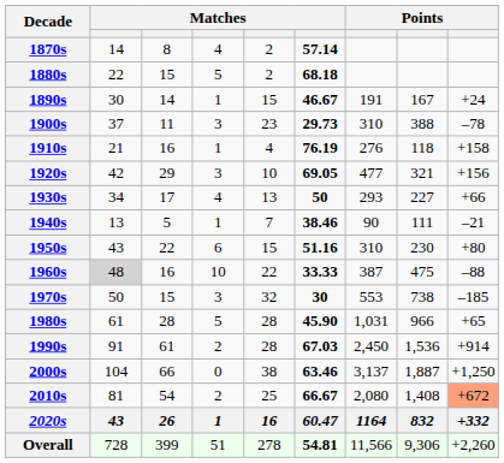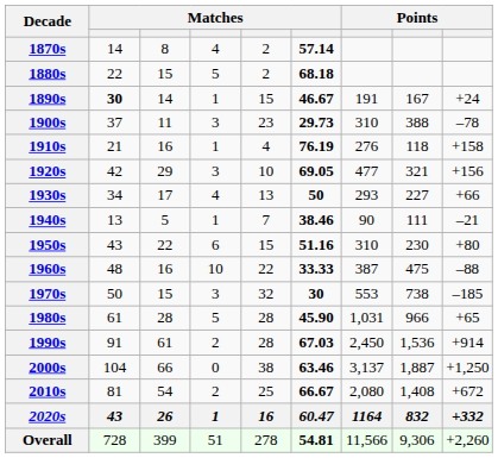 <table class="wikitable">
 <tr>
 <th rowspan=2 width="80">Decade</th>
 <th colspan=5>Matches</th>
 <th colspan=3>Points</th>
 </tr>
 <tr>
 <th width="45"></th>
 <th width="45"></th>
 <th width="45"></th>
 <th width="45"></th>
 <th width="45"></th>
 <th width="45"></th>
 <th width="45"></th>
 <th width="45"></th>
 </tr>
 <tr>
 <th><a href='#'>1870s</a></th>
 <td align=center>14</td>
 <td align=center>8</td>
 <td align=center>4</td>
 <td align=center>2</td>
 <td align=center><strong>57.14</strong></td>
 <td></td>
 <td></td>
 <td></td>
 </tr>
 <tr>
 <th><a href='#'>1880s</a></th>
 <td align=center>22</td>
 <td align=center>15</td>
 <td align=center>5</td>
 <td align=center>2</td>
 <td align=center><strong>68.18</strong></td>
 <td></td>
 <td></td>
 <td></td>
 </tr>
 <tr>
 <th><a href='#'>1890s</a></th>
-<td align=center>30</td>
+<td align=center><strong>30</strong></td>
 <td align=center>14</td>
 <td align=center>1</td>
 <td align=center>15</td>
 <td align=center><strong>46.67</strong></td>
 <td align=center>191</td>
 <td align=center>167</td>
 <td align=center>+24</td>
 </tr>
 <tr>
 <th><a href='#'>1900s</a></th>
 <td align=center>37</td>
 <td align=center>11</td>
 <td align=center>3</td>
 <td align=center>23</td>
 <td align=center><strong>29.73</strong></td>
 <td align=center>310</td>
 <td align=center>388</td>
 <td align=center>–78</td>
 </tr>
 <tr>
 <th><a href='#'>1910s</a></th>
 <td align=center>21</td>
 <td align=center>16</td>
 <td align=center>1</td>
 <td align=center>4</td>
 <td align=center><strong>76.19</strong></td>
 <td align=center>276</td>
 <td align=center>118</td>
 <td align=center>+158</td>
 </tr>
 <tr>
 <th><a href='#'>1920s</a></th>
 <td align=center>42</td>
 <td align=center>29</td>
 <td align=center>3</td>
 <td align=center>10</td>
 <td align=center><strong>69.05</strong></td>
 <td align=center>477</td>
 <td align=center>321</td>
 <td align=center>+156</td>
 </tr>
 <tr>
 <th><a href='#'>1930s</a></th>
 <td align=center>34</td>
 <td align=center>17</td>
 <td align=center>4</td>
 <td align=center>13</td>
 <td align=center><strong>50</strong></td>
 <td align=center>293</td>
 <td align=center>227</td>
 <td align=center>+66</td>
 </tr>
 <tr>
 <th><a href='#'>1940s</a></th>
 <td align=center>13</td>
 <td align=center>5</td>
 <td align=center>1</td>
 <td align=center>7</td>
 <td align=center><strong>38.46</strong></td>
 <td align=center>90</td>
 <td align=center>111</td>
 <td align=center>–21</td>
 </tr>
 <tr>
 <th><a href='#'>1950s</a></th>
 <td align=center>43</td>
 <td align=center>22</td>
 <td align=center>6</td>
 <td align=center>15</td>
 <td align=center><strong>51.16</strong></td>
 <td align=center>310</td>
 <td align=center>230</td>
 <td align=center>+80</td>
 </tr>
 <tr>
 <th><a href='#'>1960s</a></th>
-<td align=center style="background: lightgrey;">48</td>
+<td align=center>48</td>
 <td align=center>16</td>
 <td align=center>10</td>
 <td align=center>22</td>
 <td align=center><strong>33.33</strong></td>
 <td align=center>387</td>
 <td align=center>475</td>
 <td align=center>–88</td>
 </tr>
 <tr>
 <th><a href='#'>1970s</a></th>
 <td align=center>50</td>
 <td align=center>15</td>
 <td align=center>3</td>
 <td align=center>32</td>
 <td align=center><strong>30</strong></td>
 <td align=center>553</td>
 <td align=center>738</td>
 <td align=center>–185</td>
 </tr>
 <tr>
 <th><a href='#'>1980s</a></th>
 <td align=center>61</td>
 <td align=center>28</td>
 <td align=center>5</td>
 <td align=center>28</td>
 <td align=center><strong>45.90</strong></td>
 <td align=center>1,031</td>
 <td align=center>966</td>
 <td align=center>+65</td>
 </tr>
 <tr>
 <th><a href='#'>1990s</a></th>
 <td align=center>91</td>
 <td align=center>61</td>
 <td align=center>2</td>
 <td align=center>28</td>
 <td align=center><strong>67.03</strong></td>
 <td align=center>2,450</td>
 <td align=center>1,536</td>
 <td align=center>+914</td>
 </tr>
 <tr>
 <th><a href='#'>2000s</a></th>
 <td align=center>104</td>
 <td align=center>66</td>
 <td align=center>0</td>
 <td align=center>38</td>
 <td align=center><strong>63.46</strong></td>
 <td align=center>3,137</td>
 <td align=center>1,887</td>
 <td align=center>+1,250</td>
 </tr>
 <tr>
 <th><a href='#'>2010s</a></th>
 <td align=center>81</td>
 <td align=center>54</td>
 <td align=center>2</td>
 <td align=center>25</td>
 <td align=center><strong>66.67</strong></td>
 <td align=center>2,080</td>
 <td align=center>1,408</td>
-<td align=center style="background: lightsalmon;">+672</td>
+<td align=center>+672</td>
 </tr>
 <tr>
 <th><em><a href='#'>2020s</a></em></th>
 <th><em>43</em></th>
 <th><em>26</em></th>
 <th><em>1</em></th>
 <th><em>16</em></th>
 <th><em>60.47</em></th>
 <th><em>1164</em></th>
 <th><em>832</em></th>
 <th><em>+332</em></th>
 </tr>
 <tr>
 <th>Overall</th>
 <td bgcolor=#EEFFEE align=center>728</td>
 <td bgcolor=#EEFFEE align=center>399</td>
 <td bgcolor=#EEFFEE align=center>51</td>
 <td bgcolor=#EEFFEE align=center>278</td>
 <td bgcolor=#EEFFEE align=center><strong>54.81</strong></td>
 <td bgcolor=#EEFFEE align=center>11,566</td>
 <td bgcolor=#EEFFEE align=center>9,306</td>
 <td bgcolor=#EEFFEE align=center>+2,260</td>
 </tr>
 </table>
